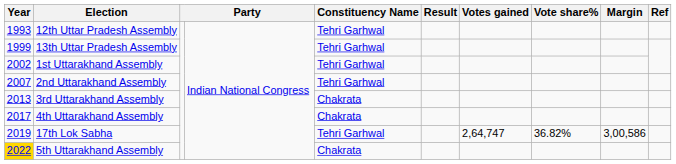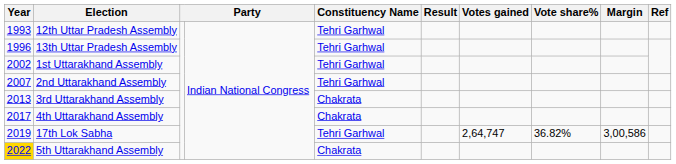 <table class="wikitable">
 <tr>
 <th>Year</th>
 <th>Election</th>
 <th colspan="2">Party</th>
 <th>Constituency Name</th>
 <th>Result</th>
 <th>Votes gained</th>
 <th>Vote share%</th>
 <th>Margin</th>
 <th>Ref</th>
 </tr>
 <tr>
 <td><a href='#'>1993</a></td>
 <td><a href='#'>12th Uttar Pradesh Assembly</a></td>
 <td rowspan="8" style="background-color: "></td>
 <td rowspan="8"><a href='#'>Indian National Congress</a> </td>
 <td><a href='#'>Tehri Garhwal</a></td>
 <td></td>
 <td></td>
 <td></td>
 <td></td>
 <td></td>
 </tr>
 <tr>
-<td><a href='#'>1999</a></td>
+<td><a href='#'>1996</a></td>
 <td><a href='#'>13th Uttar Pradesh Assembly</a></td>
 <td><a href='#'>Tehri Garhwal</a></td>
 <td></td>
 <td></td>
 <td></td>
 <td></td>
 </tr>
 <tr>
 <td><a href='#'>2002</a></td>
 <td><a href='#'>1st Uttarakhand Assembly</a></td>
 <td><a href='#'>Tehri Garhwal</a></td>
 <td></td>
 <td></td>
 <td></td>
 <td></td>
 </tr>
 <tr>
 <td><a href='#'>2007</a></td>
 <td><a href='#'>2nd Uttarakhand Assembly</a></td>
 <td><a href='#'>Tehri Garhwal</a></td>
 <td></td>
 <td></td>
 <td></td>
 <td></td>
 <td></td>
 </tr>
 <tr>
 <td><a href='#'>2013</a></td>
 <td><a href='#'>3rd Uttarakhand Assembly</a></td>
 <td><a href='#'>Chakrata</a></td>
 <td></td>
 <td></td>
 <td></td>
 <td></td>
 <td></td>
 </tr>
 <tr>
 <td><a href='#'>2017</a></td>
 <td><a href='#'>4th Uttarakhand Assembly</a></td>
 <td><a href='#'>Chakrata</a></td>
 <td></td>
 <td></td>
 <td></td>
 <td></td>
 <td></td>
 </tr>
 <tr>
 <td><a href='#'>2019</a></td>
 <td><a href='#'>17th Lok Sabha</a></td>
 <td><a href='#'>Tehri Garhwal</a></td>
 <td></td>
 <td>2,64,747</td>
 <td>36.82%</td>
 <td>3,00,586</td>
 <td></td>
 </tr>
 <tr>
 <td style="background: gold;"><a href='#'>2022</a></td>
 <td><a href='#'>5th Uttarakhand Assembly</a></td>
 <td><a href='#'>Chakrata</a></td>
 <td></td>
 <td></td>
 <td></td>
 <td></td>
 <td></td>
 </tr>
 </table>
